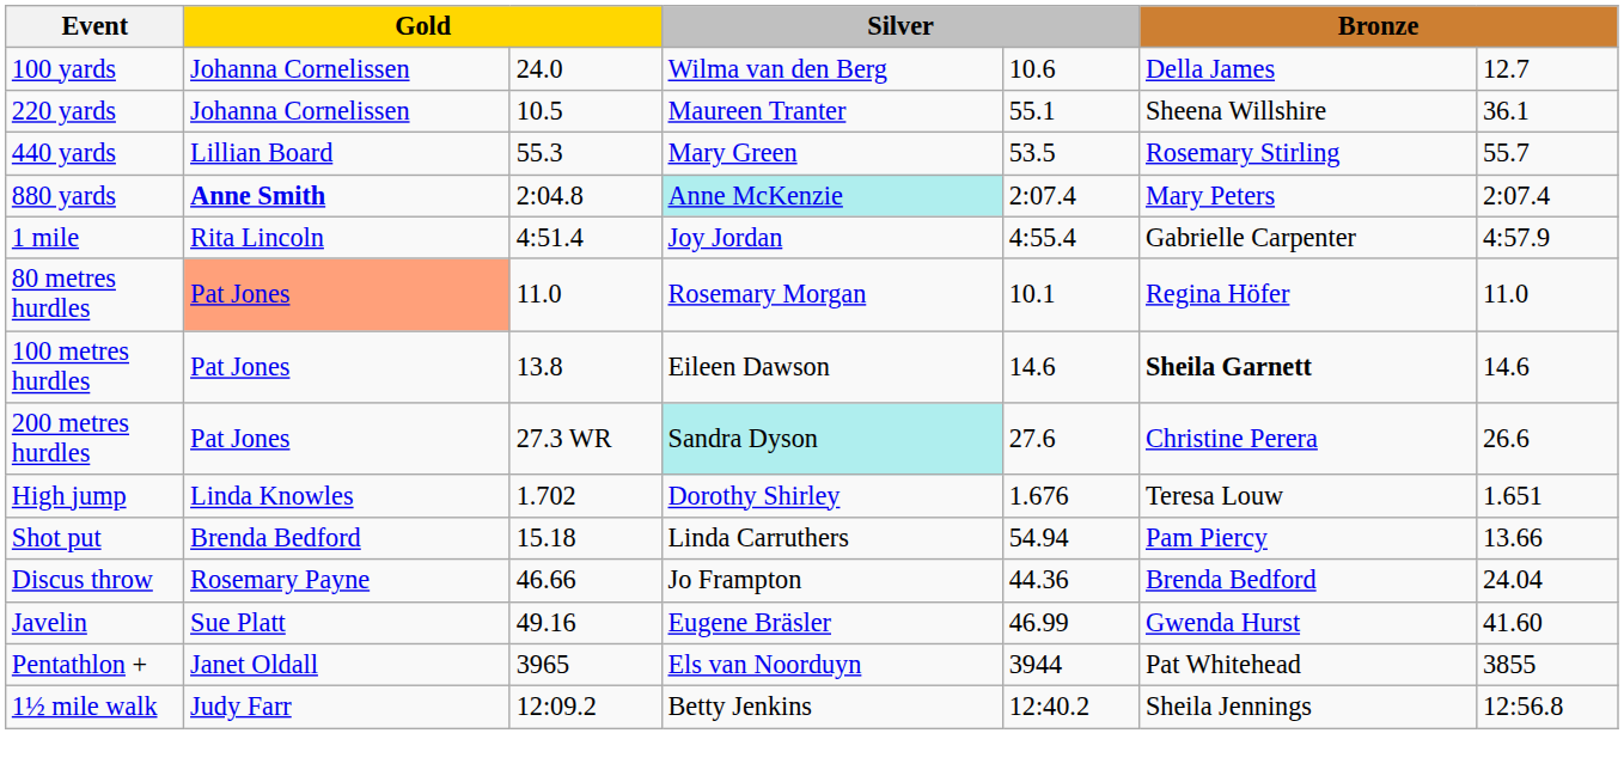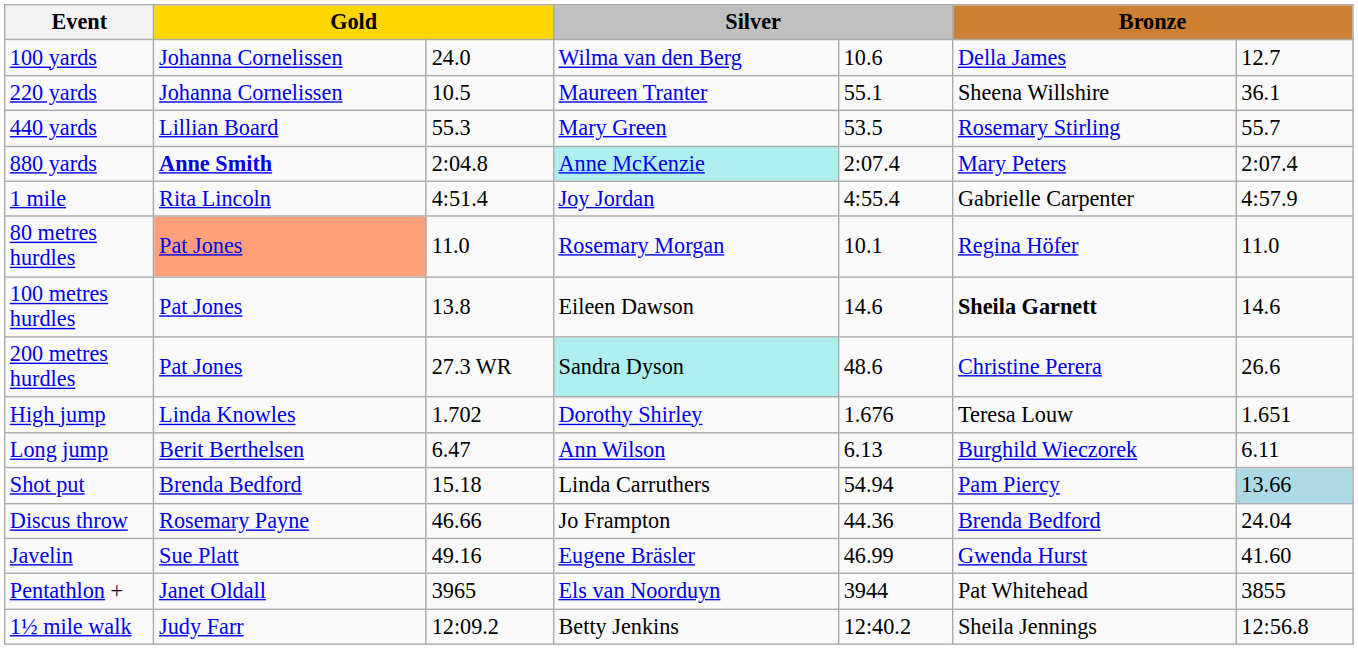 <table class="wikitable" style="text-align:left">
 <tr>
 <th width=100>Event</th>
 <th colspan="2" width="280" style="background:gold;">Gold</th>
 <th colspan="2" width="280" style="background:silver;">Silver</th>
 <th colspan="2" width="280" style="background:#CD7F32;">Bronze</th>
 </tr>
 <tr>
 <td><a href='#'>100 yards</a></td>
 <td> <a href='#'>Johanna Cornelissen</a></td>
 <td>24.0</td>
 <td> <a href='#'>Wilma van den Berg</a></td>
 <td>10.6</td>
 <td><a href='#'>Della James</a></td>
 <td>12.7</td>
 </tr>
 <tr>
 <td><a href='#'>220 yards</a></td>
 <td><a href='#'>Johanna Cornelissen</a></td>
 <td>10.5</td>
 <td><a href='#'>Maureen Tranter</a></td>
 <td>55.1</td>
 <td>Sheena Willshire</td>
 <td>36.1</td>
 </tr>
 <tr>
 <td><a href='#'>440 yards</a></td>
 <td><a href='#'>Lillian Board</a></td>
 <td>55.3</td>
 <td><a href='#'>Mary Green</a></td>
 <td>53.5</td>
 <td> <a href='#'>Rosemary Stirling</a></td>
 <td>55.7</td>
 </tr>
 <tr>
 <td><a href='#'>880 yards</a></td>
 <td><strong><a href='#'>Anne Smith</a></strong></td>
 <td>2:04.8</td>
 <td style="background: paleturquoise;"> <a href='#'>Anne McKenzie</a></td>
 <td>2:07.4</td>
 <td> <a href='#'>Mary Peters</a></td>
 <td>2:07.4</td>
 </tr>
 <tr>
 <td><a href='#'>1 mile</a></td>
 <td><a href='#'>Rita Lincoln</a></td>
 <td>4:51.4</td>
 <td><a href='#'>Joy Jordan</a></td>
 <td>4:55.4</td>
 <td>Gabrielle Carpenter</td>
 <td>4:57.9</td>
 </tr>
 <tr>
 <td><a href='#'>80 metres hurdles</a></td>
 <td style="background: lightsalmon;"><a href='#'>Pat Jones</a></td>
 <td>11.0</td>
 <td><a href='#'>Rosemary Morgan</a></td>
 <td>10.1</td>
 <td> <a href='#'>Regina Höfer</a></td>
 <td>11.0</td>
 </tr>
 <tr>
 <td><a href='#'>100 metres hurdles</a></td>
 <td><a href='#'>Pat Jones</a></td>
 <td>13.8</td>
 <td>Eileen Dawson</td>
 <td>14.6</td>
 <td><strong>Sheila Garnett</strong></td>
 <td>14.6</td>
 </tr>
 <tr>
 <td><a href='#'>200 metres hurdles</a></td>
 <td><a href='#'>Pat Jones</a></td>
 <td>27.3 WR</td>
 <td style="background: paleturquoise;">Sandra Dyson</td>
-<td>27.6</td>
+<td>48.6</td>
 <td><a href='#'>Christine Perera</a></td>
 <td>26.6</td>
 </tr>
 <tr>
 <td><a href='#'>High jump</a></td>
 <td><a href='#'>Linda Knowles</a></td>
 <td>1.702</td>
 <td><a href='#'>Dorothy Shirley</a></td>
 <td>1.676</td>
 <td> Teresa Louw</td>
 <td>1.651</td>
 </tr>
 <tr>
+<td><a href='#'>Long jump</a></td>
+<td> <a href='#'>Berit Berthelsen</a></td>
+<td>6.47</td>
+<td><a href='#'>Ann Wilson</a></td>
+<td>6.13</td>
+<td> <a href='#'>Burghild Wieczorek</a></td>
+<td>6.11</td>
+</tr>
+<tr>
 <td><a href='#'>Shot put</a></td>
 <td><a href='#'>Brenda Bedford</a></td>
 <td>15.18</td>
 <td> Linda Carruthers</td>
 <td>54.94</td>
 <td><a href='#'>Pam Piercy</a></td>
-<td>13.66</td>
+<td style="background: lightblue;">13.66</td>
 </tr>
 <tr>
 <td><a href='#'>Discus throw</a></td>
 <td> <a href='#'>Rosemary Payne</a></td>
 <td>46.66</td>
 <td>Jo Frampton</td>
 <td>44.36</td>
 <td><a href='#'>Brenda Bedford</a></td>
 <td>24.04</td>
 </tr>
 <tr>
 <td><a href='#'>Javelin</a></td>
 <td><a href='#'>Sue Platt</a></td>
 <td>49.16</td>
 <td> <a href='#'>Eugene Bräsler</a></td>
 <td>46.99</td>
 <td><a href='#'>Gwenda Hurst</a></td>
 <td>41.60</td>
 </tr>
 <tr>
 <td><a href='#'>Pentathlon</a> +</td>
 <td><a href='#'>Janet Oldall</a></td>
 <td>3965</td>
 <td> <a href='#'>Els van Noorduyn</a></td>
 <td>3944</td>
 <td>Pat Whitehead</td>
 <td>3855</td>
 </tr>
 <tr>
 <td><a href='#'>1½ mile walk</a></td>
 <td><a href='#'>Judy Farr</a></td>
 <td>12:09.2</td>
 <td>Betty Jenkins</td>
 <td>12:40.2</td>
 <td>Sheila Jennings</td>
 <td>12:56.8</td>
 </tr>
 </table>
